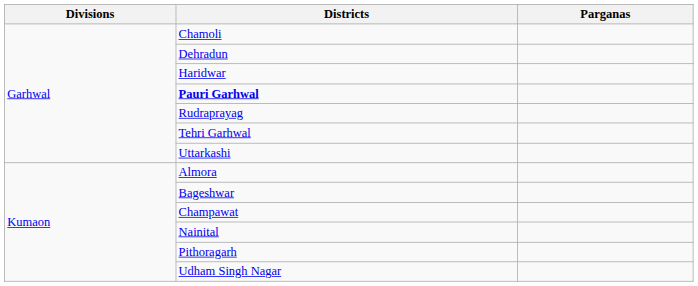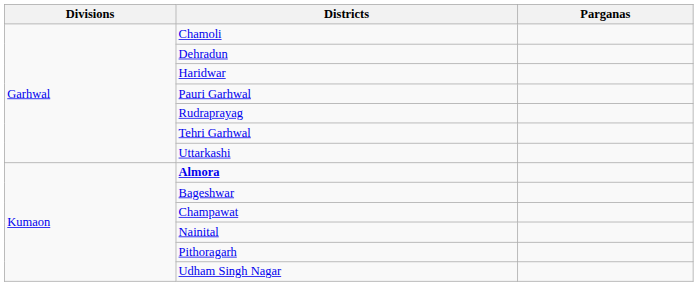 <table class="wikitable sortable" width=100%>
 <tr>
 <th>Divisions</th>
 <th>Districts</th>
 <th>Parganas</th>
 </tr>
 <tr>
 <td rowspan=7><a href='#'>Garhwal</a></td>
 <td><a href='#'>Chamoli</a></td>
 <td></td>
 </tr>
 <tr>
 <td><a href='#'>Dehradun</a></td>
 <td></td>
 </tr>
 <tr>
 <td><a href='#'>Haridwar</a></td>
 <td></td>
 </tr>
 <tr>
-<td><strong><a href='#'>Pauri Garhwal</a></strong></td>
+<td><a href='#'>Pauri Garhwal</a></td>
 <td></td>
 </tr>
 <tr>
 <td><a href='#'>Rudraprayag</a></td>
 <td></td>
 </tr>
 <tr>
 <td><a href='#'>Tehri Garhwal</a></td>
 <td></td>
 </tr>
 <tr>
 <td><a href='#'>Uttarkashi</a></td>
 <td></td>
 </tr>
 <tr>
 <td rowspan=6><a href='#'>Kumaon</a></td>
-<td><a href='#'>Almora</a></td>
+<td><strong><a href='#'>Almora</a></strong></td>
 <td></td>
 </tr>
 <tr>
 <td><a href='#'>Bageshwar</a></td>
 <td></td>
 </tr>
 <tr>
 <td><a href='#'>Champawat</a></td>
 <td></td>
 </tr>
 <tr>
 <td><a href='#'>Nainital</a></td>
 <td></td>
 </tr>
 <tr>
 <td><a href='#'>Pithoragarh</a></td>
 <td></td>
 </tr>
 <tr>
 <td><a href='#'>Udham Singh Nagar</a></td>
 <td></td>
 </tr>
 </table>
